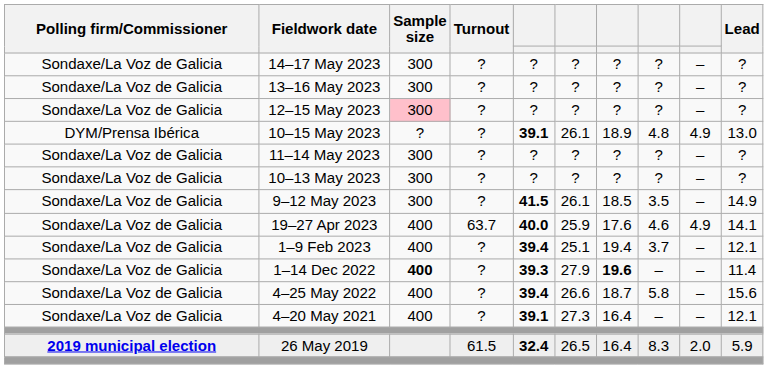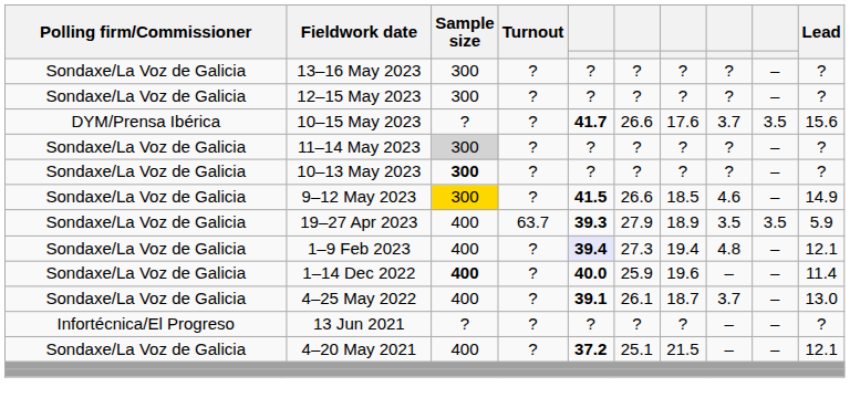 <table class="wikitable collapsible collapsed" style="text-align:center; font-size:95%; line-height:16px;">
 <tr style="height:42px;">
 <th style="width:250px;" rowspan="2">Polling firm/Commissioner</th>
 <th style="width:125px;" rowspan="2">Fieldwork date</th>
 <th style="width:50px;" rowspan="2">Sample size</th>
 <th style="width:45px;" rowspan="2">Turnout</th>
 <th style="width:35px;"></th>
 <th style="width:35px;"></th>
 <th style="width:35px;"></th>
 <th style="width:35px;"></th>
 <th style="width:35px;"></th>
 <th style="width:30px;" rowspan="2">Lead</th>
 </tr>
 <tr>
 <th style="color:inherit;background:"></th>
 <th style="color:inherit;background:"></th>
 <th style="color:inherit;background:"></th>
 <th style="color:inherit;background:"></th>
 <th style="color:inherit;background:"></th>
 </tr>
 <tr>
 <td>Sondaxe/La Voz de Galicia</td>
-<td>14–17 May 2023</td>
-<td>300</td>
-<td>?</td>
-<td>?<br></td>
-<td>?<br></td>
-<td>?<br></td>
-<td>?<br></td>
-<td>–</td>
-<td style="background:">?</td>
-</tr>
-<tr>
-<td>Sondaxe/La Voz de Galicia</td>
 <td>13–16 May 2023</td>
 <td>300</td>
 <td>?</td>
 <td>?<br></td>
 <td>?<br></td>
 <td>?<br></td>
 <td>?<br></td>
 <td>–</td>
 <td style="background:">?</td>
 </tr>
 <tr>
 <td>Sondaxe/La Voz de Galicia</td>
 <td>12–15 May 2023</td>
-<td style="background: pink;">300</td>
+<td>300</td>
 <td>?</td>
 <td>?<br></td>
 <td>?<br></td>
 <td>?<br></td>
 <td>?<br></td>
 <td>–</td>
 <td style="background:">?</td>
 </tr>
 <tr>
 <td>DYM/Prensa Ibérica</td>
 <td>10–15 May 2023</td>
 <td>?</td>
 <td>?</td>
-<td><strong>39.1</strong><br></td>
-<td>26.1<br></td>
-<td>18.9<br></td>
-<td>4.8<br></td>
-<td>4.9<br></td>
-<td style="background:">13.0</td>
+<td><strong>41.7</strong><br></td>
+<td>26.6<br></td>
+<td>17.6<br></td>
+<td>3.7<br></td>
+<td>3.5<br></td>
+<td style="background:">15.6</td>
 </tr>
 <tr>
 <td>Sondaxe/La Voz de Galicia</td>
 <td>11–14 May 2023</td>
-<td>300</td>
+<td style="background: lightgrey;">300</td>
 <td>?</td>
 <td>?<br></td>
 <td>?<br></td>
 <td>?<br></td>
 <td>?<br></td>
 <td>–</td>
 <td style="background:">?</td>
 </tr>
 <tr>
 <td>Sondaxe/La Voz de Galicia</td>
 <td>10–13 May 2023</td>
-<td>300</td>
+<td><strong>300</strong></td>
 <td>?</td>
 <td>?<br></td>
 <td>?<br></td>
 <td>?<br></td>
 <td>?<br></td>
 <td>–</td>
 <td style="background:">?</td>
 </tr>
 <tr>
 <td>Sondaxe/La Voz de Galicia</td>
 <td>9–12 May 2023</td>
-<td>300</td>
+<td style="background: gold;">300</td>
 <td>?</td>
 <td><strong>41.5</strong><br></td>
-<td>26.1<br></td>
+<td>26.6<br></td>
 <td>18.5<br></td>
-<td>3.5<br></td>
+<td>4.6<br></td>
 <td>–</td>
 <td style="background:">14.9</td>
 </tr>
 <tr>
 <td>Sondaxe/La Voz de Galicia</td>
 <td>19–27 Apr 2023</td>
 <td>400</td>
 <td>63.7</td>
-<td><strong>40.0</strong><br></td>
-<td>25.9<br></td>
-<td>17.6<br></td>
-<td>4.6<br></td>
-<td>4.9<br></td>
-<td style="background:">14.1</td>
+<td><strong>39.3</strong><br></td>
+<td>27.9<br></td>
+<td>18.9<br></td>
+<td>3.5<br></td>
+<td>3.5<br></td>
+<td style="background:">5.9</td>
 </tr>
 <tr>
 <td>Sondaxe/La Voz de Galicia</td>
 <td>1–9 Feb 2023</td>
 <td>400</td>
 <td>?</td>
-<td><strong>39.4</strong><br></td>
-<td>25.1<br></td>
+<td style="background: lavender;"><strong>39.4</strong><br></td>
+<td>27.3<br></td>
 <td>19.4<br></td>
-<td>3.7<br></td>
+<td>4.8<br></td>
 <td>–</td>
 <td style="background:">12.1</td>
 </tr>
 <tr>
 <td>Sondaxe/La Voz de Galicia</td>
 <td>1–14 Dec 2022</td>
 <td><strong>400</strong></td>
 <td>?</td>
-<td><strong>39.3</strong><br></td>
-<td>27.9<br></td>
-<td><strong>19.6<br></strong></td>
+<td><strong>40.0</strong><br></td>
+<td>25.9<br></td>
+<td>19.6<br></td>
 <td>–</td>
 <td>–</td>
 <td style="background:">11.4</td>
 </tr>
 <tr>
 <td>Sondaxe/La Voz de Galicia</td>
 <td>4–25 May 2022</td>
 <td>400</td>
 <td>?</td>
-<td><strong>39.4</strong><br></td>
-<td>26.6<br></td>
+<td><strong>39.1</strong><br></td>
+<td>26.1<br></td>
 <td>18.7<br></td>
-<td>5.8<br></td>
+<td>3.7<br></td>
 <td>–</td>
-<td style="background:">15.6</td>
+<td style="background:">13.0</td>
+</tr>
+<tr>
+<td>Infortécnica/El Progreso</td>
+<td>13 Jun 2021</td>
+<td>?</td>
+<td>?</td>
+<td>?<br></td>
+<td>?<br></td>
+<td>?<br></td>
+<td>–</td>
+<td>–</td>
+<td style="background:">?</td>
 </tr>
 <tr>
 <td>Sondaxe/La Voz de Galicia</td>
 <td>4–20 May 2021</td>
 <td>400</td>
 <td>?</td>
-<td><strong>39.1</strong><br></td>
-<td>27.3<br></td>
-<td>16.4<br></td>
+<td><strong>37.2</strong><br></td>
+<td>25.1<br></td>
+<td>21.5<br></td>
 <td>–</td>
 <td>–</td>
 <td style="background:">12.1</td>
 </tr>
 <tr>
 <td colspan="10" style="background:#A0A0A0"></td>
 </tr>
-<tr style="background:#EFEFEF;">
-<td><strong><a href='#'>2019 municipal election</a></strong></td>
-<td>26 May 2019</td>
-<td></td>
-<td>61.5</td>
-<td><strong>32.4</strong><br></td>
-<td>26.5<br></td>
-<td>16.4<br></td>
-<td>8.3<br></td>
-<td>2.0<br></td>
-<td style="background:">5.9</td>
-</tr>
 <tr>
 <td colspan="10" style="background:#A0A0A0"></td>
 </tr>
 </table>
